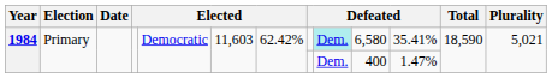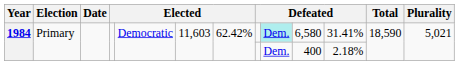 <table class="wikitable">
 <tr>
 <th>Year</th>
 <th>Election</th>
 <th>Date</th>
 <th colspan="4">Elected</th>
 <th colspan="4">Defeated</th>
 <th>Total</th>
 <th>Plurality</th>
 </tr>
 <tr>
 <th rowspan="2" valign="top"><a href='#'>1984</a></th>
 <td rowspan="2" valign="top">Primary</td>
 <td rowspan="2" valign="top"></td>
 <td rowspan="2" valign="top"></td>
 <td rowspan="2" valign="top" ><a href='#'>Democratic</a></td>
 <td rowspan="2" valign="top" align="right">11,603</td>
 <td rowspan="2" valign="top" align="right">62.42%</td>
 <td valign="top"></td>
 <td valign="top"  style="background: paleturquoise;"><a href='#'>Dem.</a></td>
 <td valign="top" align="right">6,580</td>
-<td valign="top" align="right">35.41%</td>
+<td valign="top" align="right">31.41%</td>
 <td rowspan="2" valign="top" align="right">18,590</td>
 <td rowspan="2" valign="top" align="right">5,021</td>
 </tr>
 <tr>
 <td valign="top"></td>
 <td valign="top" ><a href='#'>Dem.</a></td>
 <td valign="top" align="right">400</td>
-<td valign="top" align="right">1.47%</td>
+<td valign="top" align="right">2.18%</td>
 </tr>
 </table>
